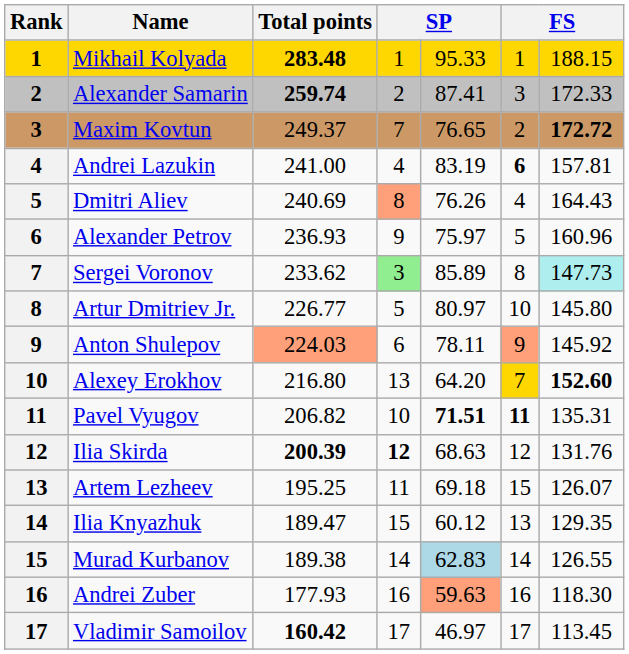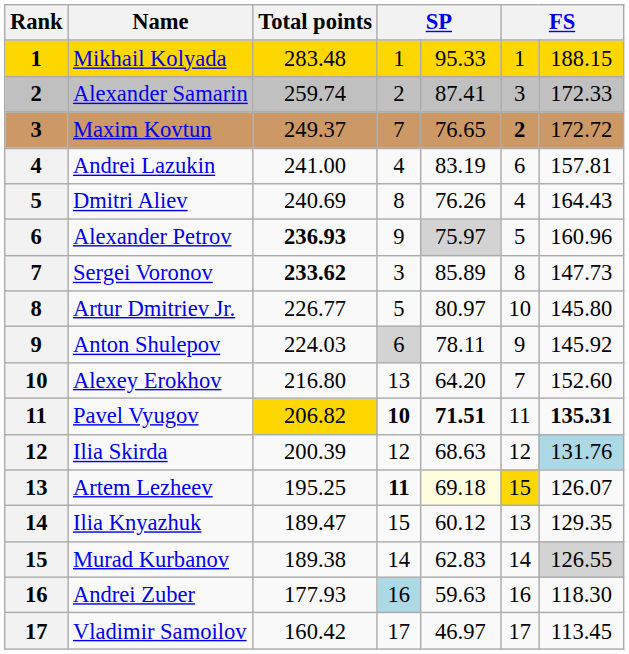 <table class="wikitable sortable">
 <tr>
 <th>Rank</th>
 <th>Name</th>
 <th>Total points</th>
 <th colspan="2" width="80px"><a href='#'>SP</a></th>
 <th colspan="2" width="80px"><a href='#'>FS</a></th>
 </tr>
 <tr bgcolor="gold">
 <td align="center"><strong>1</strong></td>
 <td><a href='#'>Mikhail Kolyada</a></td>
-<td align="center"><strong>283.48</strong></td>
+<td align="center">283.48</td>
 <td align="center">1</td>
 <td align="center">95.33</td>
 <td align="center">1</td>
 <td align="center">188.15</td>
 </tr>
 <tr bgcolor="silver">
 <td align="center"><strong>2</strong></td>
 <td><a href='#'>Alexander Samarin</a></td>
-<td align="center"><strong>259.74</strong></td>
+<td align="center">259.74</td>
 <td align="center">2</td>
 <td align="center">87.41</td>
 <td align="center">3</td>
 <td align="center">172.33</td>
 </tr>
 <tr bgcolor="cc9966">
 <td align="center"><strong>3</strong></td>
 <td><a href='#'>Maxim Kovtun</a></td>
 <td align="center">249.37</td>
 <td align="center">7</td>
 <td align="center">76.65</td>
-<td align="center">2</td>
-<td align="center"><strong>172.72</strong></td>
+<td align="center"><strong>2</strong></td>
+<td align="center">172.72</td>
 </tr>
 <tr>
 <th>4</th>
 <td><a href='#'>Andrei Lazukin</a></td>
 <td align="center">241.00</td>
 <td align="center">4</td>
 <td align="center">83.19</td>
-<td align="center"><strong>6</strong></td>
+<td align="center">6</td>
 <td align="center">157.81</td>
 </tr>
 <tr>
 <th>5</th>
 <td><a href='#'>Dmitri Aliev</a></td>
 <td align="center">240.69</td>
-<td align="center" style="background: lightsalmon;">8</td>
+<td align="center">8</td>
 <td align="center">76.26</td>
 <td align="center">4</td>
 <td align="center">164.43</td>
 </tr>
 <tr>
 <th>6</th>
 <td><a href='#'>Alexander Petrov</a></td>
-<td align="center">236.93</td>
+<td align="center"><strong>236.93</strong></td>
 <td align="center">9</td>
-<td align="center">75.97</td>
+<td align="center" style="background: lightgrey;">75.97</td>
 <td align="center">5</td>
 <td align="center">160.96</td>
 </tr>
 <tr>
 <th>7</th>
 <td><a href='#'>Sergei Voronov</a></td>
-<td align="center">233.62</td>
-<td align="center" style="background: lightgreen;">3</td>
+<td align="center"><strong>233.62</strong></td>
+<td align="center">3</td>
 <td align="center">85.89</td>
 <td align="center">8</td>
-<td align="center" style="background: paleturquoise;">147.73</td>
+<td align="center">147.73</td>
 </tr>
 <tr>
 <th>8</th>
 <td><a href='#'>Artur Dmitriev Jr.</a></td>
 <td align="center">226.77</td>
 <td align="center">5</td>
 <td align="center">80.97</td>
 <td align="center">10</td>
 <td align="center">145.80</td>
 </tr>
 <tr>
 <th>9</th>
 <td><a href='#'>Anton Shulepov</a></td>
-<td align="center" style="background: lightsalmon;">224.03</td>
-<td align="center">6</td>
+<td align="center">224.03</td>
+<td align="center" style="background: lightgrey;">6</td>
 <td align="center">78.11</td>
-<td align="center" style="background: lightsalmon;">9</td>
+<td align="center">9</td>
 <td align="center">145.92</td>
 </tr>
 <tr>
 <th>10</th>
 <td><a href='#'>Alexey Erokhov</a></td>
 <td align="center">216.80</td>
 <td align="center">13</td>
 <td align="center">64.20</td>
-<td align="center" style="background: gold;">7</td>
-<td align="center"><strong>152.60</strong></td>
+<td align="center">7</td>
+<td align="center">152.60</td>
 </tr>
 <tr>
 <th>11</th>
 <td><a href='#'>Pavel Vyugov</a></td>
-<td align="center">206.82</td>
-<td align="center">10</td>
+<td align="center" style="background: gold;">206.82</td>
+<td align="center"><strong>10</strong></td>
 <td align="center"><strong>71.51</strong></td>
-<td align="center"><strong>11</strong></td>
-<td align="center">135.31</td>
+<td align="center">11</td>
+<td align="center"><strong>135.31</strong></td>
 </tr>
 <tr>
 <th>12</th>
 <td><a href='#'>Ilia Skirda</a></td>
-<td align="center"><strong>200.39</strong></td>
-<td align="center"><strong>12</strong></td>
+<td align="center">200.39</td>
+<td align="center">12</td>
 <td align="center">68.63</td>
 <td align="center">12</td>
-<td align="center">131.76</td>
+<td align="center" style="background: lightblue;">131.76</td>
 </tr>
 <tr>
 <th>13</th>
 <td><a href='#'>Artem Lezheev</a></td>
 <td align="center">195.25</td>
-<td align="center">11</td>
-<td align="center">69.18</td>
-<td align="center">15</td>
+<td align="center"><strong>11</strong></td>
+<td align="center" style="background: lightyellow;">69.18</td>
+<td align="center" style="background: gold;">15</td>
 <td align="center">126.07</td>
 </tr>
 <tr>
 <th>14</th>
 <td><a href='#'>Ilia Knyazhuk</a></td>
 <td align="center">189.47</td>
 <td align="center">15</td>
 <td align="center">60.12</td>
 <td align="center">13</td>
 <td align="center">129.35</td>
 </tr>
 <tr>
 <th>15</th>
 <td><a href='#'>Murad Kurbanov</a></td>
 <td align="center">189.38</td>
 <td align="center">14</td>
-<td align="center" style="background: lightblue;">62.83</td>
+<td align="center">62.83</td>
 <td align="center">14</td>
-<td align="center">126.55</td>
+<td align="center" style="background: lightgrey;">126.55</td>
 </tr>
 <tr>
 <th>16</th>
 <td><a href='#'>Andrei Zuber</a></td>
 <td align="center">177.93</td>
-<td align="center">16</td>
-<td align="center" style="background: lightsalmon;">59.63</td>
+<td align="center" style="background: lightblue;">16</td>
+<td align="center">59.63</td>
 <td align="center">16</td>
 <td align="center">118.30</td>
 </tr>
 <tr>
 <th>17</th>
 <td><a href='#'>Vladimir Samoilov</a></td>
-<td align="center"><strong>160.42</strong></td>
+<td align="center">160.42</td>
 <td align="center">17</td>
 <td align="center">46.97</td>
 <td align="center">17</td>
 <td align="center">113.45</td>
 </tr>
 </table>
